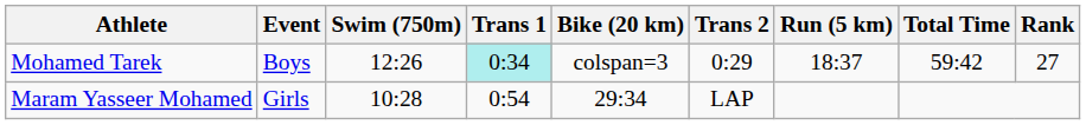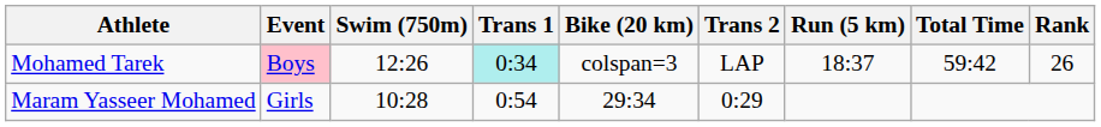 <table class="wikitable" style="font-size:90%;">
 <tr>
 <th>Athlete</th>
 <th>Event</th>
 <th>Swim (750m)</th>
 <th>Trans 1</th>
 <th>Bike (20 km)</th>
 <th>Trans 2</th>
 <th>Run (5 km)</th>
 <th>Total Time</th>
 <th>Rank</th>
 </tr>
 <tr align=center>
 <td align=left><a href='#'>Mohamed Tarek</a></td>
-<td align=left><a href='#'>Boys</a></td>
+<td align=left style="background: pink;"><a href='#'>Boys</a></td>
 <td>12:26</td>
 <td style="background: paleturquoise;">0:34</td>
 <td>colspan=3 </td>
-<td>0:29</td>
+<td>LAP</td>
 <td>18:37</td>
 <td>59:42</td>
-<td>27</td>
+<td>26</td>
 </tr>
 <tr align=center>
 <td align=left><a href='#'>Maram Yasseer Mohamed</a></td>
 <td align=left><a href='#'>Girls</a></td>
 <td>10:28</td>
 <td>0:54</td>
 <td>29:34</td>
-<td>LAP</td>
+<td>0:29</td>
 <td></td>
 </tr>
 </table>
